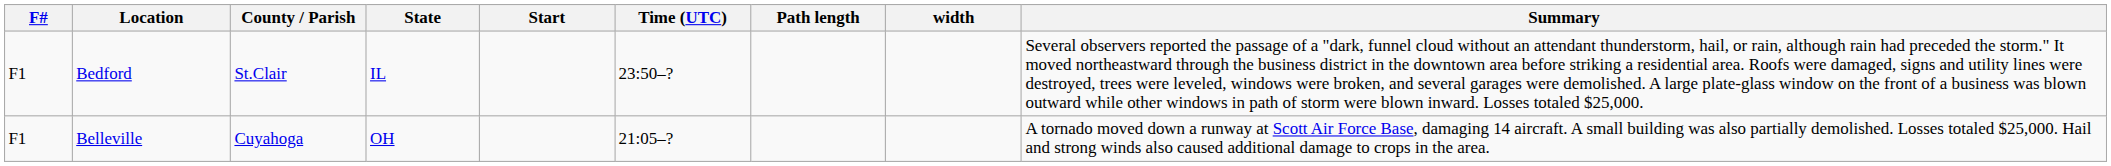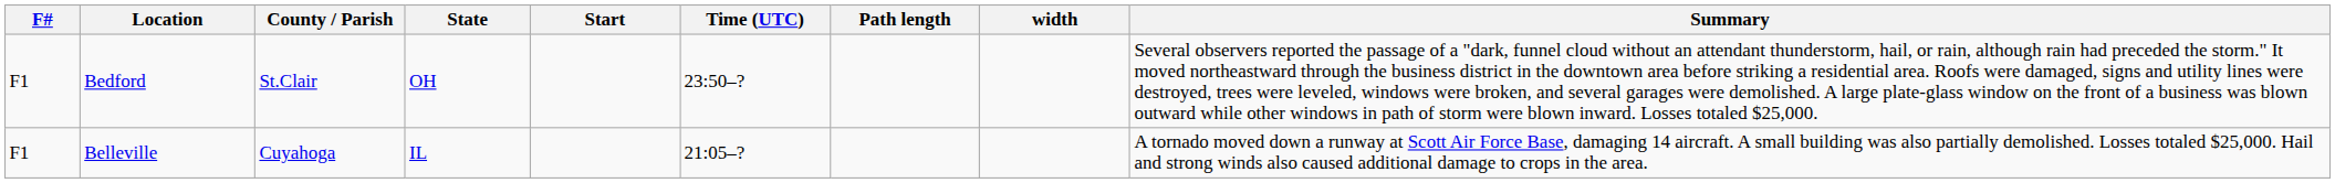 <table class="wikitable sortable" style="width:100%;">
 <tr>
 <th scope="col"  style="width:3%; text-align:center;"><a href='#'>F#</a></th>
 <th scope="col"  style="width:7%; text-align:center;" class="unsortable">Location</th>
 <th scope="col"  style="width:6%; text-align:center;" class="unsortable">County / Parish</th>
 <th scope="col"  style="width:5%; text-align:center;">State</th>
 <th scope="col"  style="width:6%; text-align:center;">Start<br></th>
 <th scope="col"  style="width:6%; text-align:center;">Time (<a href='#'>UTC</a>)</th>
 <th scope="col"  style="width:6%; text-align:center;">Path length</th>
 <th scope="col"  style="width:6%; text-align:center;"> width</th>
 <th scope="col" class="unsortable" style="width:48%; text-align:center;">Summary</th>
 </tr>
 <tr>
 <td>F1</td>
 <td><a href='#'>Bedford</a></td>
 <td><a href='#'>St.Clair</a></td>
-<td><a href='#'>IL</a></td>
+<td><a href='#'>OH</a></td>
 <td></td>
 <td>23:50–?</td>
 <td></td>
 <td></td>
 <td>Several observers reported the passage of a "dark, funnel cloud without an attendant thunderstorm, hail, or rain, although rain had preceded the storm." It moved northeastward through the business district in the downtown area before striking a residential area. Roofs were damaged, signs and utility lines were destroyed, trees were leveled, windows were broken, and several garages were demolished. A large plate-glass window on the front of a business was blown outward while other windows in path of storm were blown inward. Losses totaled $25,000.</td>
 </tr>
 <tr>
 <td>F1</td>
 <td><a href='#'>Belleville</a></td>
 <td><a href='#'>Cuyahoga</a></td>
-<td><a href='#'>OH</a></td>
+<td><a href='#'>IL</a></td>
 <td></td>
 <td>21:05–?</td>
 <td></td>
 <td></td>
 <td>A tornado moved down a runway at <a href='#'>Scott Air Force Base</a>, damaging 14 aircraft. A small building was also partially demolished. Losses totaled $25,000. Hail and strong winds also caused additional damage to crops in the area.</td>
 </tr>
 </table>
